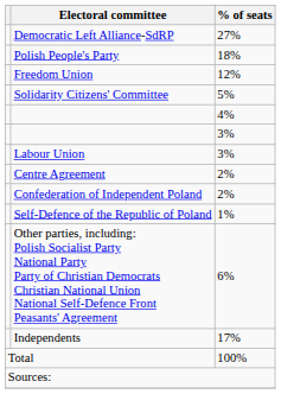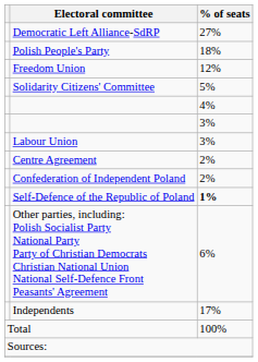 <table class="wikitable">
 <tr>
 <th></th>
 <th>Electoral committee</th>
 <th>% of seats</th>
 </tr>
 <tr>
 <td></td>
 <td><a href='#'>Democratic Left Alliance</a>-<a href='#'>SdRP</a></td>
 <td>27%</td>
 </tr>
 <tr>
 <td></td>
 <td><a href='#'>Polish People's Party</a></td>
 <td>18%</td>
 </tr>
 <tr>
 <td></td>
 <td><a href='#'>Freedom Union</a></td>
 <td>12%</td>
 </tr>
 <tr>
 <td></td>
 <td><a href='#'>Solidarity Citizens' Committee</a></td>
 <td>5%</td>
 </tr>
 <tr>
 <td></td>
 <td></td>
 <td>4%</td>
 </tr>
 <tr>
 <td></td>
 <td></td>
 <td>3%</td>
 </tr>
 <tr>
 <td></td>
 <td><a href='#'>Labour Union</a></td>
 <td>3%</td>
 </tr>
 <tr>
 <td></td>
 <td><a href='#'>Centre Agreement</a></td>
 <td>2%</td>
 </tr>
 <tr>
 <td></td>
 <td><a href='#'>Confederation of Independent Poland</a></td>
 <td>2%</td>
 </tr>
 <tr>
 <td></td>
 <td><a href='#'>Self-Defence of the Republic of Poland</a></td>
-<td>1%</td>
+<td><strong>1%</strong></td>
 </tr>
 <tr>
 <td><br><br><br><br><br><br></td>
 <td>Other parties, including:<br><a href='#'>Polish Socialist Party</a><br><a href='#'>National Party</a><br><a href='#'>Party of Christian Democrats</a><br><a href='#'>Christian National Union</a><br><a href='#'>National Self-Defence Front</a><br><a href='#'>Peasants' Agreement</a></td>
 <td>6%</td>
 </tr>
 <tr>
 <td></td>
 <td>Independents</td>
 <td>17%</td>
 </tr>
 <tr>
 <td colspan="2">Total</td>
 <td>100%</td>
 </tr>
 <tr>
 <td colspan="3">Sources:</td>
 </tr>
 <tr>
 </tr>
 </table>
